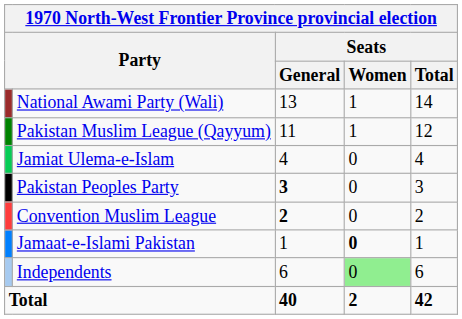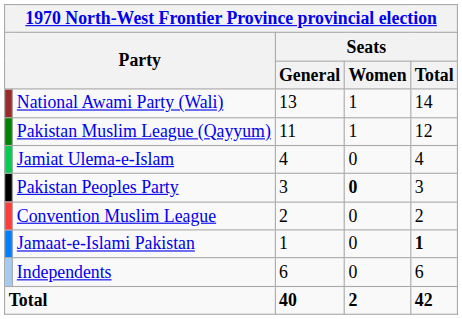 <table class="wikitable">
 <tr>
 <th colspan="7"><a href='#'>1970 North-West Frontier Province provincial election</a></th>
 </tr>
 <tr>
 <th colspan="4" rowspan="2">Party</th>
 <th colspan="3">Seats</th>
 </tr>
 <tr>
 <th>General</th>
 <th>Women</th>
 <th>Total</th>
 </tr>
 <tr>
 <td style="color:inherit;background:#9b2b2b"></td>
 <td colspan="3"><a href='#'>National Awami Party (Wali)</a></td>
 <td>13</td>
 <td>1</td>
 <td>14</td>
 </tr>
 <tr>
 <td style="color:inherit;background:#008200"></td>
 <td colspan="3"><a href='#'>Pakistan Muslim League (Qayyum)</a></td>
 <td>11</td>
 <td>1</td>
 <td>12</td>
 </tr>
 <tr>
 <td style="color:inherit;background:#06cc55"></td>
 <td colspan="3"><a href='#'>Jamiat Ulema-e-Islam</a></td>
 <td>4</td>
 <td>0</td>
 <td>4</td>
 </tr>
 <tr>
 <td style="color:inherit;background:#000000"></td>
 <td colspan="3"><a href='#'>Pakistan Peoples Party</a></td>
-<td><strong>3</strong></td>
-<td>0</td>
+<td>3</td>
+<td><strong>0</strong></td>
 <td>3</td>
 </tr>
 <tr>
 <td style="color:inherit;background:#ff3c3c"></td>
 <td colspan="3"><a href='#'>Convention Muslim League</a></td>
-<td><strong>2</strong></td>
+<td>2</td>
 <td>0</td>
 <td>2</td>
 </tr>
 <tr>
 <td style="color:inherit;background:#0080ff"></td>
 <td colspan="3"><a href='#'>Jamaat-e-Islami Pakistan</a></td>
 <td>1</td>
-<td><strong>0</strong></td>
-<td>1</td>
+<td>0</td>
+<td><strong>1</strong></td>
 </tr>
 <tr>
 <td style="color:inherit;background:#a6caf0"></td>
 <td colspan="3"><a href='#'>Independents</a></td>
 <td>6</td>
-<td style="background: lightgreen;">0</td>
+<td>0</td>
 <td>6</td>
 </tr>
 <tr>
 <td colspan="4"><strong>Total</strong></td>
 <td><strong>40</strong></td>
 <td><strong>2</strong></td>
 <td><strong>42</strong></td>
 </tr>
 </table>
